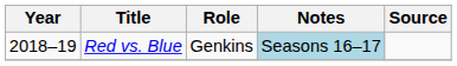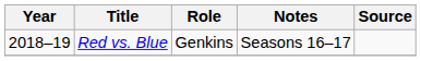 <table class="wikitable sortable plainrowheaders">
 <tr>
 <th>Year</th>
 <th>Title</th>
 <th>Role</th>
 <th class="unsortable">Notes</th>
 <th class="unsortable">Source</th>
 </tr>
 <tr>
 <td>2018–19</td>
 <td><em><a href='#'>Red vs. Blue</a></em></td>
 <td>Genkins</td>
-<td style="background: lightblue;">Seasons 16–17</td>
+<td>Seasons 16–17</td>
 <td></td>
 </tr>
 <tr>
 </tr>
 </table>
